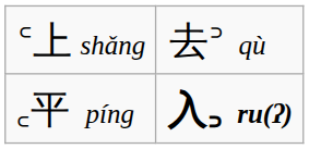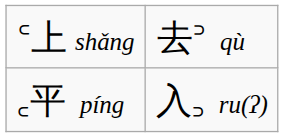 <table style="float: right;" class=wikitable>
 <tr>
 <td><big><big><big><sup> </sup>꜂上<sup> </sup></big></big><em>shǎng</em></big> </td>
 <td><big><big><big><sup> </sup>去꜄<sup> </sup></big></big> <em>qù</em></big></td>
 </tr>
 <tr>
 <td><big><big><sub> </sub><big>꜀平<sup> </sup></big></big> <em>píng</em></big></td>
-<td><strong><big><big><sub> </sub><big>入꜆<sup> </sup></big></big> <em>ru(ʔ)</em></big> </strong></td>
+<td><big><big><sub> </sub><big>入꜆<sup> </sup></big></big> <em>ru(ʔ)</em></big> </td>
 </tr>
 </table>
